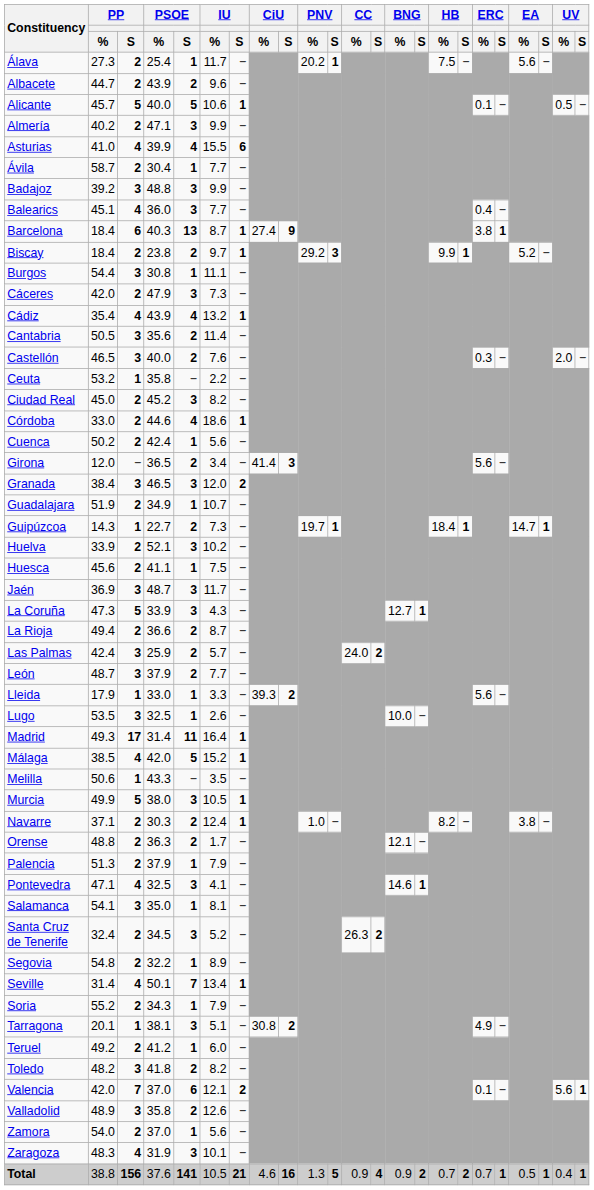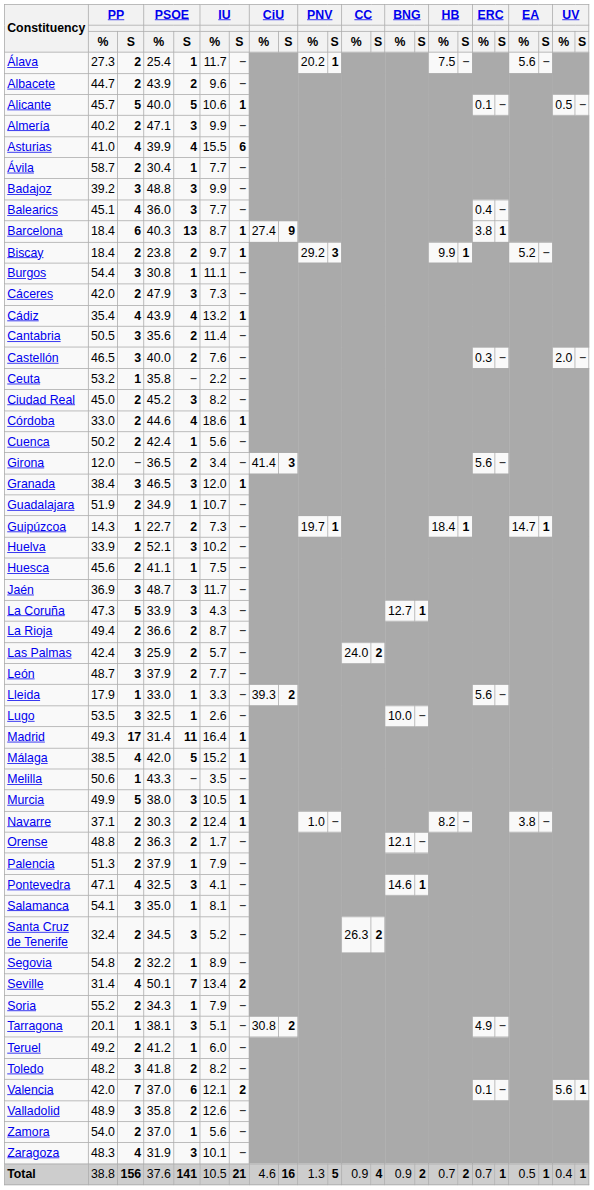 <table class="wikitable sortable" style="text-align:right; line-height:20px;">
 <tr>
 <th rowspan="3">Constituency</th>
 <th colspan="2" width="30px" class="unsortable"><a href='#'>PP</a></th>
 <th colspan="2" width="30px" class="unsortable"><a href='#'>PSOE</a></th>
 <th colspan="2" width="30px" class="unsortable"><a href='#'>IU</a></th>
 <th colspan="2" width="30px" class="unsortable"><a href='#'>CiU</a></th>
 <th colspan="2" width="30px" class="unsortable"><a href='#'>PNV</a></th>
 <th colspan="2" width="30px" class="unsortable"><a href='#'>CC</a></th>
 <th colspan="2" width="30px" class="unsortable"><a href='#'>BNG</a></th>
 <th colspan="2" width="30px" class="unsortable"><a href='#'>HB</a></th>
 <th colspan="2" width="30px" class="unsortable"><a href='#'>ERC</a></th>
 <th colspan="2" width="30px" class="unsortable"><a href='#'>EA</a></th>
 <th colspan="2" width="30px" class="unsortable"><a href='#'>UV</a></th>
 </tr>
 <tr>
 <th colspan="2" style="background:"></th>
 <th colspan="2" style="background:"></th>
 <th colspan="2" style="background:"></th>
 <th colspan="2" style="background:"></th>
 <th colspan="2" style="background:"></th>
 <th colspan="2" style="background:"></th>
 <th colspan="2" style="background:"></th>
 <th colspan="2" style="background:"></th>
 <th colspan="2" style="background:"></th>
 <th colspan="2" style="background:"></th>
 <th colspan="2" style="background:"></th>
 </tr>
 <tr>
 <th data-sort-type="number">%</th>
 <th data-sort-type="number">S</th>
 <th data-sort-type="number">%</th>
 <th data-sort-type="number">S</th>
 <th data-sort-type="number">%</th>
 <th data-sort-type="number">S</th>
 <th data-sort-type="number">%</th>
 <th data-sort-type="number">S</th>
 <th data-sort-type="number">%</th>
 <th data-sort-type="number">S</th>
 <th data-sort-type="number">%</th>
 <th data-sort-type="number">S</th>
 <th data-sort-type="number">%</th>
 <th data-sort-type="number">S</th>
 <th data-sort-type="number">%</th>
 <th data-sort-type="number">S</th>
 <th data-sort-type="number">%</th>
 <th data-sort-type="number">S</th>
 <th data-sort-type="number">%</th>
 <th data-sort-type="number">S</th>
 <th data-sort-type="number">%</th>
 <th data-sort-type="number">S</th>
 </tr>
 <tr>
 <td align="left"><a href='#'>Álava</a></td>
 <td style="background:">27.3</td>
 <td><strong>2</strong></td>
 <td>25.4</td>
 <td><strong>1</strong></td>
 <td>11.7</td>
 <td>−</td>
 <td colspan="2" rowspan="8" bgcolor="#AAAAAA"></td>
 <td>20.2</td>
 <td><strong>1</strong></td>
 <td colspan="2" rowspan="28" bgcolor="#AAAAAA"></td>
 <td colspan="2" rowspan="26" bgcolor="#AAAAAA"></td>
 <td>7.5</td>
 <td>−</td>
 <td colspan="2" rowspan="2" bgcolor="#AAAAAA"></td>
 <td>5.6</td>
 <td>−</td>
 <td colspan="2" rowspan="2" bgcolor="#AAAAAA"></td>
 </tr>
 <tr>
 <td align="left"><a href='#'>Albacete</a></td>
 <td style="background:">44.7</td>
 <td><strong>2</strong></td>
 <td>43.9</td>
 <td><strong>2</strong></td>
 <td>9.6</td>
 <td>−</td>
 <td colspan="2" rowspan="8" bgcolor="#AAAAAA"></td>
 <td colspan="2" rowspan="8" bgcolor="#AAAAAA"></td>
 <td colspan="2" rowspan="8" bgcolor="#AAAAAA"></td>
 </tr>
 <tr>
 <td align="left"><a href='#'>Alicante</a></td>
 <td style="background:">45.7</td>
 <td><strong>5</strong></td>
 <td>40.0</td>
 <td><strong>5</strong></td>
 <td>10.6</td>
 <td><strong>1</strong></td>
 <td>0.1</td>
 <td>−</td>
 <td>0.5</td>
 <td>−</td>
 </tr>
 <tr>
 <td align="left"><a href='#'>Almería</a></td>
 <td>40.2</td>
 <td><strong>2</strong></td>
 <td style="background:">47.1</td>
 <td><strong>3</strong></td>
 <td>9.9</td>
 <td>−</td>
 <td colspan="2" rowspan="4" bgcolor="#AAAAAA"></td>
 <td colspan="2" rowspan="11" bgcolor="#AAAAAA"></td>
 </tr>
 <tr>
 <td align="left"><a href='#'>Asturias</a></td>
 <td style="background:">41.0</td>
 <td><strong>4</strong></td>
 <td>39.9</td>
 <td><strong>4</strong></td>
 <td>15.5</td>
 <td><strong>6</strong></td>
 </tr>
 <tr>
 <td align="left"><a href='#'>Ávila</a></td>
 <td style="background:">58.7</td>
 <td><strong>2</strong></td>
 <td>30.4</td>
 <td><strong>1</strong></td>
 <td>7.7</td>
 <td>−</td>
 </tr>
 <tr>
 <td align="left"><a href='#'>Badajoz</a></td>
 <td>39.2</td>
 <td><strong>3</strong></td>
 <td style="background:">48.8</td>
 <td><strong>3</strong></td>
 <td>9.9</td>
 <td>−</td>
 </tr>
 <tr>
 <td align="left"><a href='#'>Balearics</a></td>
 <td style="background:">45.1</td>
 <td><strong>4</strong></td>
 <td>36.0</td>
 <td><strong>3</strong></td>
 <td>7.7</td>
 <td>−</td>
 <td>0.4</td>
 <td>−</td>
 </tr>
 <tr>
 <td align="left"><a href='#'>Barcelona</a></td>
 <td>18.4</td>
 <td><strong>6</strong></td>
 <td style="background:">40.3</td>
 <td><strong>13</strong></td>
 <td>8.7</td>
 <td><strong>1</strong></td>
 <td>27.4</td>
 <td><strong>9</strong></td>
 <td>3.8</td>
 <td><strong>1</strong></td>
 </tr>
 <tr>
 <td align="left"><a href='#'>Biscay</a></td>
 <td>18.4</td>
 <td><strong>2</strong></td>
 <td>23.8</td>
 <td><strong>2</strong></td>
 <td>9.7</td>
 <td><strong>1</strong></td>
 <td colspan="2" rowspan="10" bgcolor="#AAAAAA"></td>
 <td style="background:">29.2</td>
 <td><strong>3</strong></td>
 <td>9.9</td>
 <td><strong>1</strong></td>
 <td colspan="2" rowspan="5" bgcolor="#AAAAAA"></td>
 <td>5.2</td>
 <td>−</td>
 </tr>
 <tr>
 <td align="left"><a href='#'>Burgos</a></td>
 <td style="background:">54.4</td>
 <td><strong>3</strong></td>
 <td>30.8</td>
 <td><strong>1</strong></td>
 <td>11.1</td>
 <td>−</td>
 <td colspan="2" rowspan="12" bgcolor="#AAAAAA"></td>
 <td colspan="2" rowspan="12" bgcolor="#AAAAAA"></td>
 <td colspan="2" rowspan="12" bgcolor="#AAAAAA"></td>
 </tr>
 <tr>
 <td align="left"><a href='#'>Cáceres</a></td>
 <td>42.0</td>
 <td><strong>2</strong></td>
 <td style="background:">47.9</td>
 <td><strong>3</strong></td>
 <td>7.3</td>
 <td>−</td>
 </tr>
 <tr>
 <td align="left"><a href='#'>Cádiz</a></td>
 <td>35.4</td>
 <td><strong>4</strong></td>
 <td style="background:">43.9</td>
 <td><strong>4</strong></td>
 <td>13.2</td>
 <td><strong>1</strong></td>
 </tr>
 <tr>
 <td align="left"><a href='#'>Cantabria</a></td>
 <td style="background:">50.5</td>
 <td><strong>3</strong></td>
 <td>35.6</td>
 <td><strong>2</strong></td>
 <td>11.4</td>
 <td>−</td>
 </tr>
 <tr>
 <td align="left"><a href='#'>Castellón</a></td>
 <td style="background:">46.5</td>
 <td><strong>3</strong></td>
 <td>40.0</td>
 <td><strong>2</strong></td>
 <td>7.6</td>
 <td>−</td>
 <td>0.3</td>
 <td>−</td>
 <td>2.0</td>
 <td>−</td>
 </tr>
 <tr>
 <td align="left"><a href='#'>Ceuta</a></td>
 <td style="background:">53.2</td>
 <td><strong>1</strong></td>
 <td>35.8</td>
 <td>−</td>
 <td>2.2</td>
 <td>−</td>
 <td colspan="2" rowspan="4" bgcolor="#AAAAAA"></td>
 <td colspan="2" rowspan="33" bgcolor="#AAAAAA"></td>
 </tr>
 <tr>
 <td align="left"><a href='#'>Ciudad Real</a></td>
 <td>45.0</td>
 <td><strong>2</strong></td>
 <td style="background:">45.2</td>
 <td><strong>3</strong></td>
 <td>8.2</td>
 <td>−</td>
 </tr>
 <tr>
 <td align="left"><a href='#'>Córdoba</a></td>
 <td>33.0</td>
 <td><strong>2</strong></td>
 <td style="background:">44.6</td>
 <td><strong>4</strong></td>
 <td>18.6</td>
 <td><strong>1</strong></td>
 </tr>
 <tr>
 <td align="left"><a href='#'>Cuenca</a></td>
 <td style="background:">50.2</td>
 <td><strong>2</strong></td>
 <td>42.4</td>
 <td><strong>1</strong></td>
 <td>5.6</td>
 <td>−</td>
 </tr>
 <tr>
 <td align="left"><a href='#'>Girona</a></td>
 <td>12.0</td>
 <td>−</td>
 <td>36.5</td>
 <td><strong>2</strong></td>
 <td>3.4</td>
 <td>−</td>
 <td style="background:">41.4</td>
 <td><strong>3</strong></td>
 <td>5.6</td>
 <td>−</td>
 </tr>
 <tr>
 <td align="left"><a href='#'>Granada</a></td>
 <td>38.4</td>
 <td><strong>3</strong></td>
 <td style="background:">46.5</td>
 <td><strong>3</strong></td>
 <td>12.0</td>
-<td><strong>2</strong></td>
+<td><strong>1</strong></td>
 <td colspan="2" rowspan="10" bgcolor="#AAAAAA"></td>
 <td colspan="2" rowspan="10" bgcolor="#AAAAAA"></td>
 </tr>
 <tr>
 <td align="left"><a href='#'>Guadalajara</a></td>
 <td style="background:">51.9</td>
 <td><strong>2</strong></td>
 <td>34.9</td>
 <td><strong>1</strong></td>
 <td>10.7</td>
 <td>−</td>
 </tr>
 <tr>
 <td align="left"><a href='#'>Guipúzcoa</a></td>
 <td>14.3</td>
 <td><strong>1</strong></td>
 <td style="background:">22.7</td>
 <td><strong>2</strong></td>
 <td>7.3</td>
 <td>−</td>
 <td>19.7</td>
 <td><strong>1</strong></td>
 <td>18.4</td>
 <td><strong>1</strong></td>
 <td>14.7</td>
 <td><strong>1</strong></td>
 </tr>
 <tr>
 <td align="left"><a href='#'>Huelva</a></td>
 <td>33.9</td>
 <td><strong>2</strong></td>
 <td style="background:">52.1</td>
 <td><strong>3</strong></td>
 <td>10.2</td>
 <td>−</td>
 <td colspan="2" rowspan="13" bgcolor="#AAAAAA"></td>
 <td colspan="2" rowspan="13" bgcolor="#AAAAAA"></td>
 <td colspan="2" rowspan="13" bgcolor="#AAAAAA"></td>
 </tr>
 <tr>
 <td align="left"><a href='#'>Huesca</a></td>
 <td style="background:">45.6</td>
 <td><strong>2</strong></td>
 <td>41.1</td>
 <td><strong>1</strong></td>
 <td>7.5</td>
 <td>−</td>
 </tr>
 <tr>
 <td align="left"><a href='#'>Jaén</a></td>
 <td>36.9</td>
 <td><strong>3</strong></td>
 <td style="background:">48.7</td>
 <td><strong>3</strong></td>
 <td>11.7</td>
 <td>−</td>
 </tr>
 <tr>
 <td align="left"><a href='#'>La Coruña</a></td>
 <td style="background:">47.3</td>
 <td><strong>5</strong></td>
 <td>33.9</td>
 <td><strong>3</strong></td>
 <td>4.3</td>
 <td>−</td>
 <td>12.7</td>
 <td><strong>1</strong></td>
 </tr>
 <tr>
 <td align="left"><a href='#'>La Rioja</a></td>
 <td style="background:">49.4</td>
 <td><strong>2</strong></td>
 <td>36.6</td>
 <td><strong>2</strong></td>
 <td>8.7</td>
 <td>−</td>
 <td colspan="2" rowspan="4" bgcolor="#AAAAAA"></td>
 </tr>
 <tr>
 <td align="left"><a href='#'>Las Palmas</a></td>
 <td style="background:">42.4</td>
 <td><strong>3</strong></td>
 <td>25.9</td>
 <td><strong>2</strong></td>
 <td>5.7</td>
 <td>−</td>
 <td>24.0</td>
 <td><strong>2</strong></td>
 </tr>
 <tr>
 <td align="left"><a href='#'>León</a></td>
 <td style="background:">48.7</td>
 <td><strong>3</strong></td>
 <td>37.9</td>
 <td><strong>2</strong></td>
 <td>7.7</td>
 <td>−</td>
 <td colspan="2" rowspan="12" bgcolor="#AAAAAA"></td>
 </tr>
 <tr>
 <td align="left"><a href='#'>Lleida</a></td>
 <td>17.9</td>
 <td><strong>1</strong></td>
 <td>33.0</td>
 <td><strong>1</strong></td>
 <td>3.3</td>
 <td>−</td>
 <td style="background:">39.3</td>
 <td><strong>2</strong></td>
 <td>5.6</td>
 <td>−</td>
 </tr>
 <tr>
 <td align="left"><a href='#'>Lugo</a></td>
 <td style="background:">53.5</td>
 <td><strong>3</strong></td>
 <td>32.5</td>
 <td><strong>1</strong></td>
 <td>2.6</td>
 <td>−</td>
 <td colspan="2" rowspan="14" bgcolor="#AAAAAA"></td>
 <td>10.0</td>
 <td>−</td>
 <td colspan="2" rowspan="14" bgcolor="#AAAAAA"></td>
 </tr>
 <tr>
 <td align="left"><a href='#'>Madrid</a></td>
 <td style="background:">49.3</td>
 <td><strong>17</strong></td>
 <td>31.4</td>
 <td><strong>11</strong></td>
 <td>16.4</td>
 <td><strong>1</strong></td>
 <td colspan="2" rowspan="5" bgcolor="#AAAAAA"></td>
 </tr>
 <tr>
 <td align="left"><a href='#'>Málaga</a></td>
 <td>38.5</td>
 <td><strong>4</strong></td>
 <td style="background:">42.0</td>
 <td><strong>5</strong></td>
 <td>15.2</td>
 <td><strong>1</strong></td>
 </tr>
 <tr>
 <td align="left"><a href='#'>Melilla</a></td>
 <td style="background:">50.6</td>
 <td><strong>1</strong></td>
 <td>43.3</td>
 <td>−</td>
 <td>3.5</td>
 <td>−</td>
 </tr>
 <tr>
 <td align="left"><a href='#'>Murcia</a></td>
 <td style="background:">49.9</td>
 <td><strong>5</strong></td>
 <td>38.0</td>
 <td><strong>3</strong></td>
 <td>10.5</td>
 <td><strong>1</strong></td>
 </tr>
 <tr>
 <td align="left"><a href='#'>Navarre</a></td>
 <td style="background:">37.1</td>
 <td><strong>2</strong></td>
 <td>30.3</td>
 <td><strong>2</strong></td>
 <td>12.4</td>
 <td><strong>1</strong></td>
 <td>1.0</td>
 <td>−</td>
 <td>8.2</td>
 <td>−</td>
 <td>3.8</td>
 <td>−</td>
 </tr>
 <tr>
 <td align="left"><a href='#'>Orense</a></td>
 <td style="background:">48.8</td>
 <td><strong>2</strong></td>
 <td>36.3</td>
 <td><strong>2</strong></td>
 <td>1.7</td>
 <td>−</td>
 <td colspan="2" rowspan="15" bgcolor="#AAAAAA"></td>
 <td>12.1</td>
 <td>−</td>
 <td colspan="2" rowspan="15" bgcolor="#AAAAAA"></td>
 <td colspan="2" rowspan="15" bgcolor="#AAAAAA"></td>
 </tr>
 <tr>
 <td align="left"><a href='#'>Palencia</a></td>
 <td style="background:">51.3</td>
 <td><strong>2</strong></td>
 <td>37.9</td>
 <td><strong>1</strong></td>
 <td>7.9</td>
 <td>−</td>
 <td colspan="2" bgcolor="#AAAAAA"></td>
 </tr>
 <tr>
 <td align="left"><a href='#'>Pontevedra</a></td>
 <td style="background:">47.1</td>
 <td><strong>4</strong></td>
 <td>32.5</td>
 <td><strong>3</strong></td>
 <td>4.1</td>
 <td>−</td>
 <td>14.6</td>
 <td><strong>1</strong></td>
 </tr>
 <tr>
 <td align="left"><a href='#'>Salamanca</a></td>
 <td style="background:">54.1</td>
 <td><strong>3</strong></td>
 <td>35.0</td>
 <td><strong>1</strong></td>
 <td>8.1</td>
 <td>−</td>
 <td colspan="2" rowspan="12" bgcolor="#AAAAAA"></td>
 </tr>
 <tr>
 <td align="left"><a href='#'>Santa Cruz de Tenerife</a></td>
 <td>32.4</td>
 <td><strong>2</strong></td>
 <td style="background:">34.5</td>
 <td><strong>3</strong></td>
 <td>5.2</td>
 <td>−</td>
 <td>26.3</td>
 <td><strong>2</strong></td>
 </tr>
 <tr>
 <td align="left"><a href='#'>Segovia</a></td>
 <td style="background:">54.8</td>
 <td><strong>2</strong></td>
 <td>32.2</td>
 <td><strong>1</strong></td>
 <td>8.9</td>
 <td>−</td>
 <td colspan="2" rowspan="10" bgcolor="#AAAAAA"></td>
 </tr>
 <tr>
 <td align="left"><a href='#'>Seville</a></td>
 <td>31.4</td>
 <td><strong>4</strong></td>
 <td style="background:">50.1</td>
 <td><strong>7</strong></td>
 <td>13.4</td>
-<td><strong>1</strong></td>
+<td><strong>2</strong></td>
 </tr>
 <tr>
 <td align="left"><a href='#'>Soria</a></td>
 <td style="background:">55.2</td>
 <td><strong>2</strong></td>
 <td>34.3</td>
 <td><strong>1</strong></td>
 <td>7.9</td>
 <td>−</td>
 </tr>
 <tr>
 <td align="left"><a href='#'>Tarragona</a></td>
 <td>20.1</td>
 <td><strong>1</strong></td>
 <td style="background:">38.1</td>
 <td><strong>3</strong></td>
 <td>5.1</td>
 <td>−</td>
 <td>30.8</td>
 <td><strong>2</strong></td>
 <td>4.9</td>
 <td>−</td>
 </tr>
 <tr>
 <td align="left"><a href='#'>Teruel</a></td>
 <td style="background:">49.2</td>
 <td><strong>2</strong></td>
 <td>41.2</td>
 <td><strong>1</strong></td>
 <td>6.0</td>
 <td>−</td>
 <td colspan="2" rowspan="6" bgcolor="#AAAAAA"></td>
 <td colspan="2" rowspan="2" bgcolor="#AAAAAA"></td>
 </tr>
 <tr>
 <td align="left"><a href='#'>Toledo</a></td>
 <td style="background:">48.2</td>
 <td><strong>3</strong></td>
 <td>41.8</td>
 <td><strong>2</strong></td>
 <td>8.2</td>
 <td>−</td>
 </tr>
 <tr>
 <td align="left"><a href='#'>Valencia</a></td>
 <td style="background:">42.0</td>
 <td><strong>7</strong></td>
 <td>37.0</td>
 <td><strong>6</strong></td>
 <td>12.1</td>
 <td><strong>2</strong></td>
 <td>0.1</td>
 <td>−</td>
 <td>5.6</td>
 <td><strong>1</strong></td>
 </tr>
 <tr>
 <td align="left"><a href='#'>Valladolid</a></td>
 <td style="background:">48.9</td>
 <td><strong>3</strong></td>
 <td>35.8</td>
 <td><strong>2</strong></td>
 <td>12.6</td>
 <td>−</td>
 <td colspan="2" rowspan="3" bgcolor="#AAAAAA"></td>
 <td colspan="2" rowspan="3" bgcolor="#AAAAAA"></td>
 </tr>
 <tr>
 <td align="left"><a href='#'>Zamora</a></td>
 <td style="background:">54.0</td>
 <td><strong>2</strong></td>
 <td>37.0</td>
 <td><strong>1</strong></td>
 <td>5.6</td>
 <td>−</td>
 </tr>
 <tr>
 <td align="left"><a href='#'>Zaragoza</a></td>
 <td style="background:">48.3</td>
 <td><strong>4</strong></td>
 <td>31.9</td>
 <td><strong>3</strong></td>
 <td>10.1</td>
 <td>−</td>
 </tr>
 <tr style="background:#CDCDCD;">
 <td align="left"><strong>Total</strong></td>
 <td style="background:">38.8</td>
 <td><strong>156</strong></td>
 <td>37.6</td>
 <td><strong>141</strong></td>
 <td>10.5</td>
 <td><strong>21</strong></td>
 <td>4.6</td>
 <td><strong>16</strong></td>
 <td>1.3</td>
 <td><strong>5</strong></td>
 <td>0.9</td>
 <td><strong>4</strong></td>
 <td>0.9</td>
 <td><strong>2</strong></td>
 <td>0.7</td>
 <td><strong>2</strong></td>
 <td>0.7</td>
 <td><strong>1</strong></td>
 <td>0.5</td>
 <td><strong>1</strong></td>
 <td>0.4</td>
 <td><strong>1</strong></td>
 </tr>
 </table>
